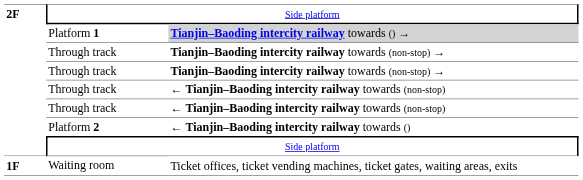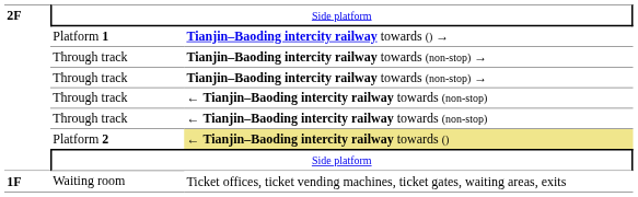 <table table border=0 cellspacing=0 cellpadding=3>
 <tr>
 <td style="border-bottom:solid 1px gray;border-top:solid 1px grey;" width=50 rowspan=8 valign=top><strong>2F</strong></td>
 <td style="border-top:solid 1px gray;border-right:solid 2px black;border-left:solid 2px black;border-bottom:solid 2px black;text-align:center;" width=700 colspan=2><small><a href='#'>Side platform</a></small></td>
 </tr>
 <tr>
 <td style="border-bottom:solid 1px gray;">Platform <strong>1</strong></td>
-<td style="background: lightgrey; border-bottom:solid 1px gray;"> <strong><a href='#'>Tianjin–Baoding intercity railway</a></strong> towards  <small>()</small> →</td>
+<td style="border-bottom:solid 1px gray;"> <strong><a href='#'>Tianjin–Baoding intercity railway</a></strong> towards  <small>()</small> →</td>
 </tr>
 <tr>
 <td style="border-bottom:solid 1px gray;">Through track</td>
 <td style="border-bottom:solid 1px gray;"> <strong>Tianjin–Baoding intercity railway</strong> towards  <small>(non-stop)</small> →</td>
 </tr>
 <tr>
 <td style="border-bottom:solid 1px gray;">Through track</td>
 <td style="border-bottom:solid 1px gray;"> <strong>Tianjin–Baoding intercity railway</strong> towards  <small>(non-stop)</small> →</td>
 </tr>
 <tr>
 <td style="border-bottom:solid 1px gray;">Through track</td>
 <td style="border-bottom:solid 1px gray;">← <strong>Tianjin–Baoding intercity railway</strong> towards  <small>(non-stop)</small></td>
 </tr>
 <tr>
 <td style="border-bottom:solid 1px gray;">Through track</td>
 <td style="border-bottom:solid 1px gray;">← <strong>Tianjin–Baoding intercity railway</strong> towards  <small>(non-stop)</small></td>
 </tr>
 <tr>
 <td>Platform <strong>2</strong></td>
-<td>← <strong>Tianjin–Baoding intercity railway</strong> towards  <small>()</small></td>
+<td style="background: khaki;">← <strong>Tianjin–Baoding intercity railway</strong> towards  <small>()</small></td>
 </tr>
 <tr>
 <td style="border-top:solid 2px black;border-right:solid 2px black;border-left:solid 2px black;border-bottom:solid 1px gray;text-align:center;" colspan=2><small><a href='#'>Side platform</a></small></td>
 </tr>
 <tr>
 <td style="border-bottom:solid 1px gray;border-top:solid 1px white;" valign=top><strong>1F</strong></td>
 <td style="border-bottom:solid 1px gray;" width=100 valign=top>Waiting room</td>
 <td style="border-top:solid 1px white;border-bottom:solid 1px gray;" width=350 valign=top>Ticket offices, ticket vending machines, ticket gates, waiting areas, exits</td>
 </tr>
 </table>
